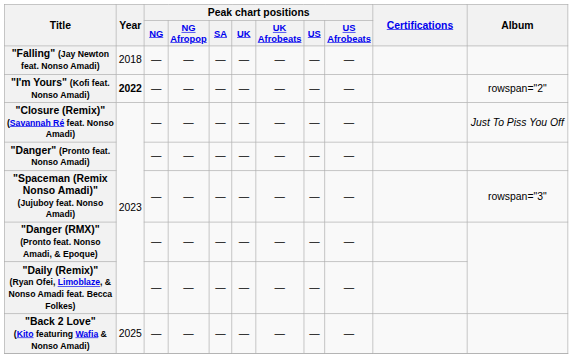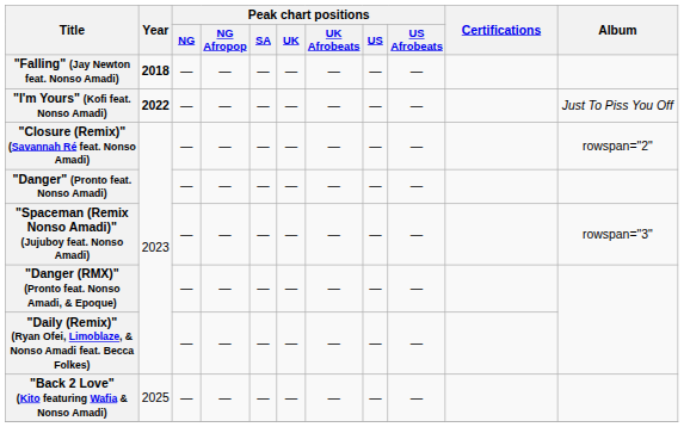 <table class="wikitable plainrowheaders" style="text-align:center;">
 <tr>
 <th scope="col" rowspan="2" style="width:18em;">Title</th>
 <th scope="col" rowspan="2" style="width:1em;">Year</th>
 <th scope="col" colspan="7">Peak chart positions</th>
 <th scope="col" rowspan="2" style="width:12em;"><a href='#'>Certifications</a></th>
 <th scope="col" rowspan="2" style="width:15em;">Album</th>
 </tr>
 <tr>
 <th scope="col" style="width:3em;font-size:90%;"><a href='#'>NG</a><br></th>
 <th scope="col" style="width:3em;font-size:90%;"><a href='#'>NG<br>Afropop</a></th>
 <th scope="col" style="width:3em;font-size:90%;"><a href='#'>SA</a><br></th>
 <th scope="col" style="width:3em;font-size:90%;"><a href='#'>UK</a><br></th>
 <th scope="col" style="width:3em;font-size:90%;"><a href='#'>UK<br>Afrobeats</a></th>
 <th scope="col" style="width:2.5em;font-size:90%;"><a href='#'>US</a><br></th>
 <th scope="col" style="width:3em;font-size:90%;"><a href='#'>US<br>Afrobeats</a></th>
 </tr>
 <tr>
 <th scope="row">"Falling" <small>(Jay Newton feat. Nonso Amadi)</small></th>
-<td rowspan="1">2018</td>
+<td rowspan="1"><strong>2018</strong></td>
 <td>—</td>
 <td>—</td>
 <td>—</td>
 <td>—</td>
 <td>—</td>
 <td>—</td>
 <td>—</td>
 <td></td>
 <td></td>
 </tr>
 <tr>
 <th scope="row">"I'm Yours" <small>(Kofi feat. Nonso Amadi)</small></th>
 <td rowspan="1"><strong>2022</strong></td>
 <td>—</td>
 <td>—</td>
 <td>—</td>
 <td>—</td>
 <td>—</td>
 <td>—</td>
 <td>—</td>
 <td></td>
-<td>rowspan="2" </td>
+<td><em>Just To Piss You Off</em></td>
 </tr>
 <tr>
 <th scope="row">"Closure (Remix)" <small>(<a href='#'>Savannah Ré</a> feat. Nonso Amadi)</small></th>
 <td rowspan="5">2023</td>
 <td>—</td>
 <td>—</td>
 <td>—</td>
 <td>—</td>
 <td>—</td>
 <td>—</td>
 <td>—</td>
 <td></td>
-<td><em>Just To Piss You Off</em></td>
+<td>rowspan="2" </td>
 </tr>
 <tr>
 <th scope="row">"Danger" <small>(Pronto feat. Nonso Amadi)</small></th>
 <td>—</td>
 <td>—</td>
 <td>—</td>
 <td>—</td>
 <td>—</td>
 <td>—</td>
 <td>—</td>
 <td></td>
 </tr>
 <tr>
 <th scope="row">"Spaceman (Remix Nonso Amadi)"<br><small> (Jujuboy feat. Nonso Amadi)</small></th>
 <td>—</td>
 <td>—</td>
 <td>—</td>
 <td>—</td>
 <td>—</td>
 <td>—</td>
 <td>—</td>
 <td></td>
 <td>rowspan="3" </td>
 </tr>
 <tr>
 <th scope="row">"Danger (RMX)"<br><small>(Pronto feat. Nonso Amadi, & Epoque)</small></th>
 <td>—</td>
 <td>—</td>
 <td>—</td>
 <td>—</td>
 <td>—</td>
 <td>—</td>
 <td>—</td>
 <td></td>
 </tr>
 <tr>
 <th scope="row">"Daily (Remix)"<br><small>(Ryan Ofei, <a href='#'>Limoblaze</a>, & Nonso Amadi feat. Becca Folkes)</small></th>
 <td>—</td>
 <td>—</td>
 <td>—</td>
 <td>—</td>
 <td>—</td>
 <td>—</td>
 <td>—</td>
 <td></td>
 </tr>
 <tr>
 <th scope="row">"Back 2 Love" <br><small>(<a href='#'>Kito</a> featuring <a href='#'>Wafia</a> & Nonso Amadi)</small></th>
 <td>2025</td>
 <td>—</td>
 <td>—</td>
 <td>—</td>
 <td>—</td>
 <td>—</td>
 <td>—</td>
 <td>—</td>
 <td></td>
 <td></td>
 </tr>
 <tr>
 </tr>
 </table>
